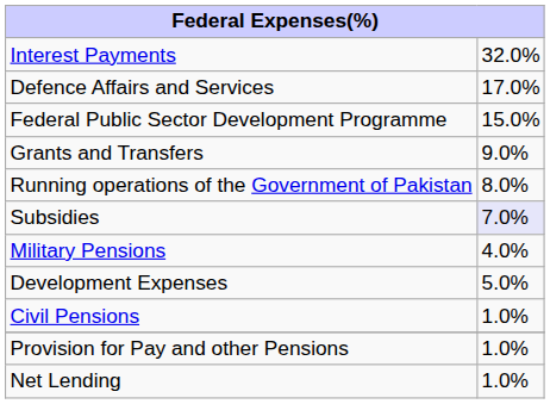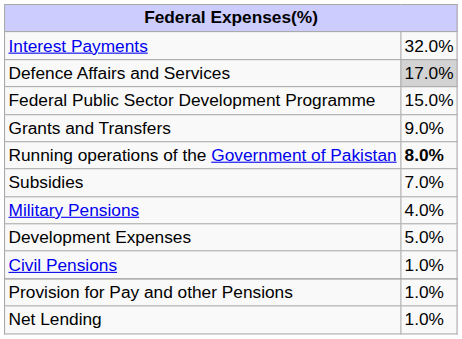 <table class="wikitable">
 <tr bgcolor = "#ccccff" align=center>
 <td colspan=2><strong>Federal Expenses(%)</strong></td>
 </tr>
 <tr>
 <td><a href='#'>Interest Payments</a></td>
 <td>32.0%</td>
 </tr>
 <tr>
 <td>Defence Affairs and Services</td>
-<td>17.0%</td>
+<td style="background: lightgrey;">17.0%</td>
 </tr>
 <tr>
 <td>Federal Public Sector Development Programme</td>
 <td>15.0%</td>
 </tr>
 <tr>
 <td>Grants and Transfers</td>
 <td>9.0%</td>
 </tr>
 <tr>
 <td>Running operations of the <a href='#'>Government of Pakistan</a></td>
-<td>8.0%</td>
+<td><strong>8.0%</strong></td>
 </tr>
 <tr>
 <td>Subsidies</td>
-<td style="background: lavender;">7.0%</td>
+<td>7.0%</td>
 </tr>
 <tr>
 <td><a href='#'>Military Pensions</a></td>
 <td>4.0%</td>
 </tr>
 <tr>
 <td>Development Expenses</td>
 <td>5.0%</td>
 </tr>
 <tr>
 <td><a href='#'>Civil Pensions</a></td>
 <td>1.0%</td>
 </tr>
 <tr>
 </tr>
 <tr>
 <td>Provision for Pay and other Pensions</td>
 <td>1.0%</td>
 </tr>
 <tr>
 <td>Net Lending</td>
 <td>1.0%</td>
 </tr>
 </table>
